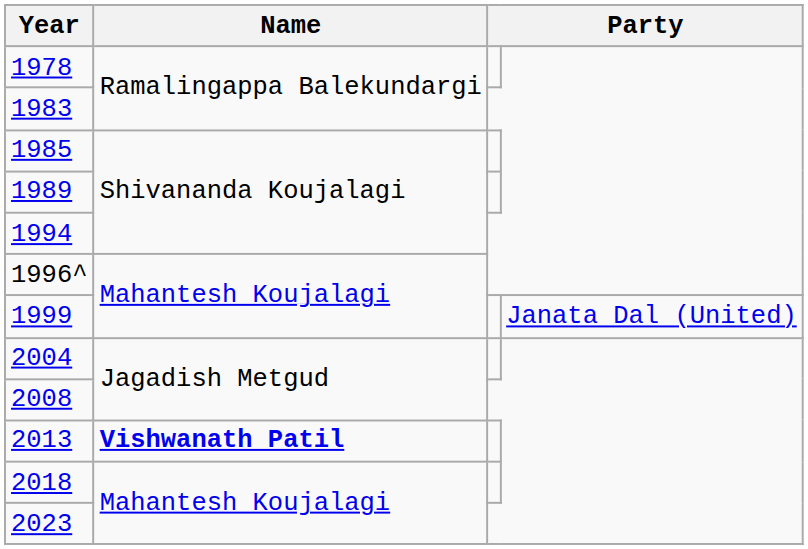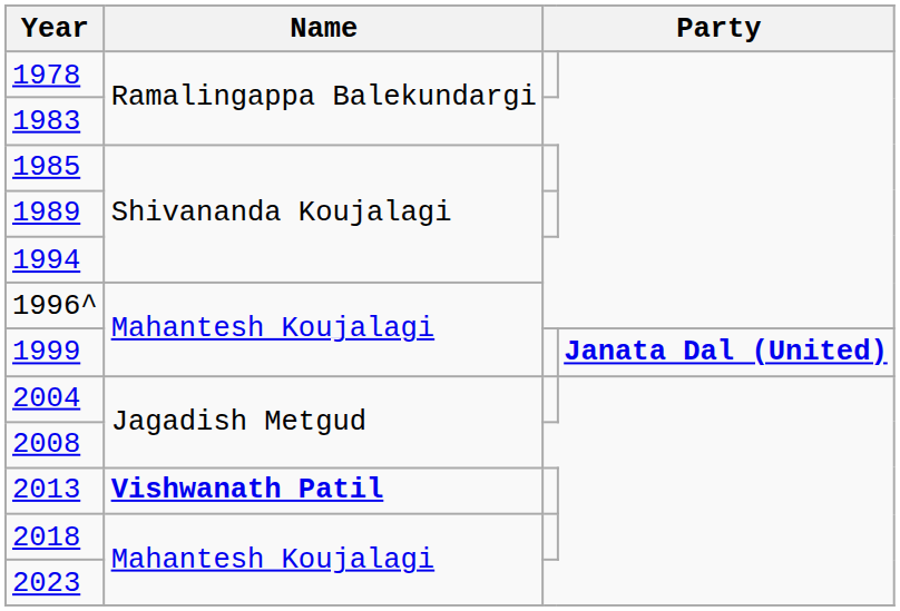 <table class="wikitable">
 <tr>
 <th>Year</th>
 <th>Name</th>
 <th colspan=2>Party</th>
 </tr>
 <tr>
 <td><a href='#'>1978</a></td>
 <td rowspan="2">Ramalingappa Balekundargi</td>
 <td></td>
 </tr>
 <tr>
 <td><a href='#'>1983</a></td>
 </tr>
 <tr>
 <td><a href='#'>1985</a></td>
 <td rowspan="3">Shivananda Koujalagi</td>
 <td></td>
 </tr>
 <tr>
 <td><a href='#'>1989</a></td>
 <td></td>
 </tr>
 <tr>
 <td><a href='#'>1994</a></td>
 </tr>
 <tr>
 <td>1996^</td>
 <td rowspan="2"><a href='#'>Mahantesh Koujalagi</a></td>
 </tr>
 <tr>
 <td><a href='#'>1999</a></td>
 <td style="background-color: "></td>
-<td><a href='#'>Janata Dal (United)</a></td>
+<td><strong><a href='#'>Janata Dal (United)</a></strong></td>
 </tr>
 <tr>
 <td><a href='#'>2004</a></td>
 <td rowspan="2">Jagadish Metgud</td>
 <td></td>
 </tr>
 <tr>
 <td><a href='#'>2008</a></td>
 </tr>
 <tr>
 <td><a href='#'>2013</a></td>
 <td><strong><a href='#'>Vishwanath Patil</a></strong></td>
 <td></td>
 </tr>
 <tr>
 <td><a href='#'>2018</a></td>
 <td rowspan=2><a href='#'>Mahantesh Koujalagi</a></td>
 <td></td>
 </tr>
 <tr>
 <td><a href='#'>2023</a></td>
 </tr>
 </table>
